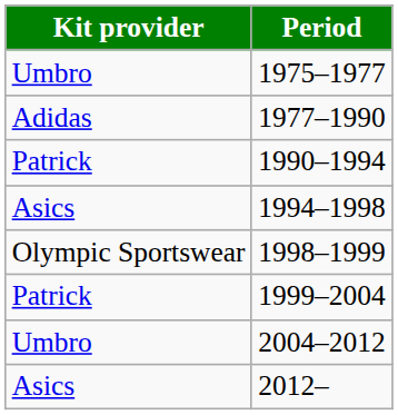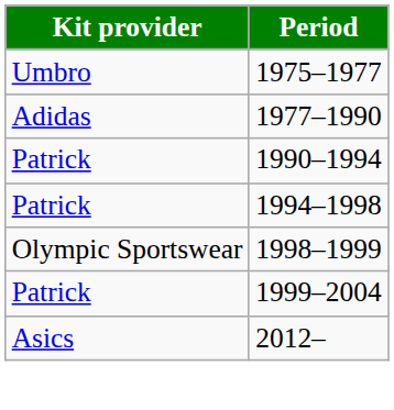 <table class="wikitable">
 <tr>
 <th style="background-color:#008000; color:white; ">Kit provider</th>
 <th style="background-color:#008000; color:white; ">Period</th>
 </tr>
 <tr>
 <td>  <a href='#'>Umbro</a></td>
 <td>1975–1977</td>
 </tr>
 <tr>
 <td>  <a href='#'>Adidas</a></td>
 <td>1977–1990</td>
 </tr>
 <tr>
 <td>  <a href='#'>Patrick</a></td>
 <td>1990–1994</td>
 </tr>
 <tr>
-<td>  <a href='#'>Asics</a></td>
+<td>  <a href='#'>Patrick</a></td>
 <td>1994–1998</td>
 </tr>
 <tr>
 <td>  Olympic Sportswear</td>
 <td>1998–1999</td>
 </tr>
 <tr>
 <td>  <a href='#'>Patrick</a></td>
 <td>1999–2004</td>
 </tr>
 <tr>
-<td>  <a href='#'>Umbro</a></td>
-<td>2004–2012</td>
-</tr>
-<tr>
 <td>  <a href='#'>Asics</a></td>
 <td>2012–</td>
 </tr>
 </table>
